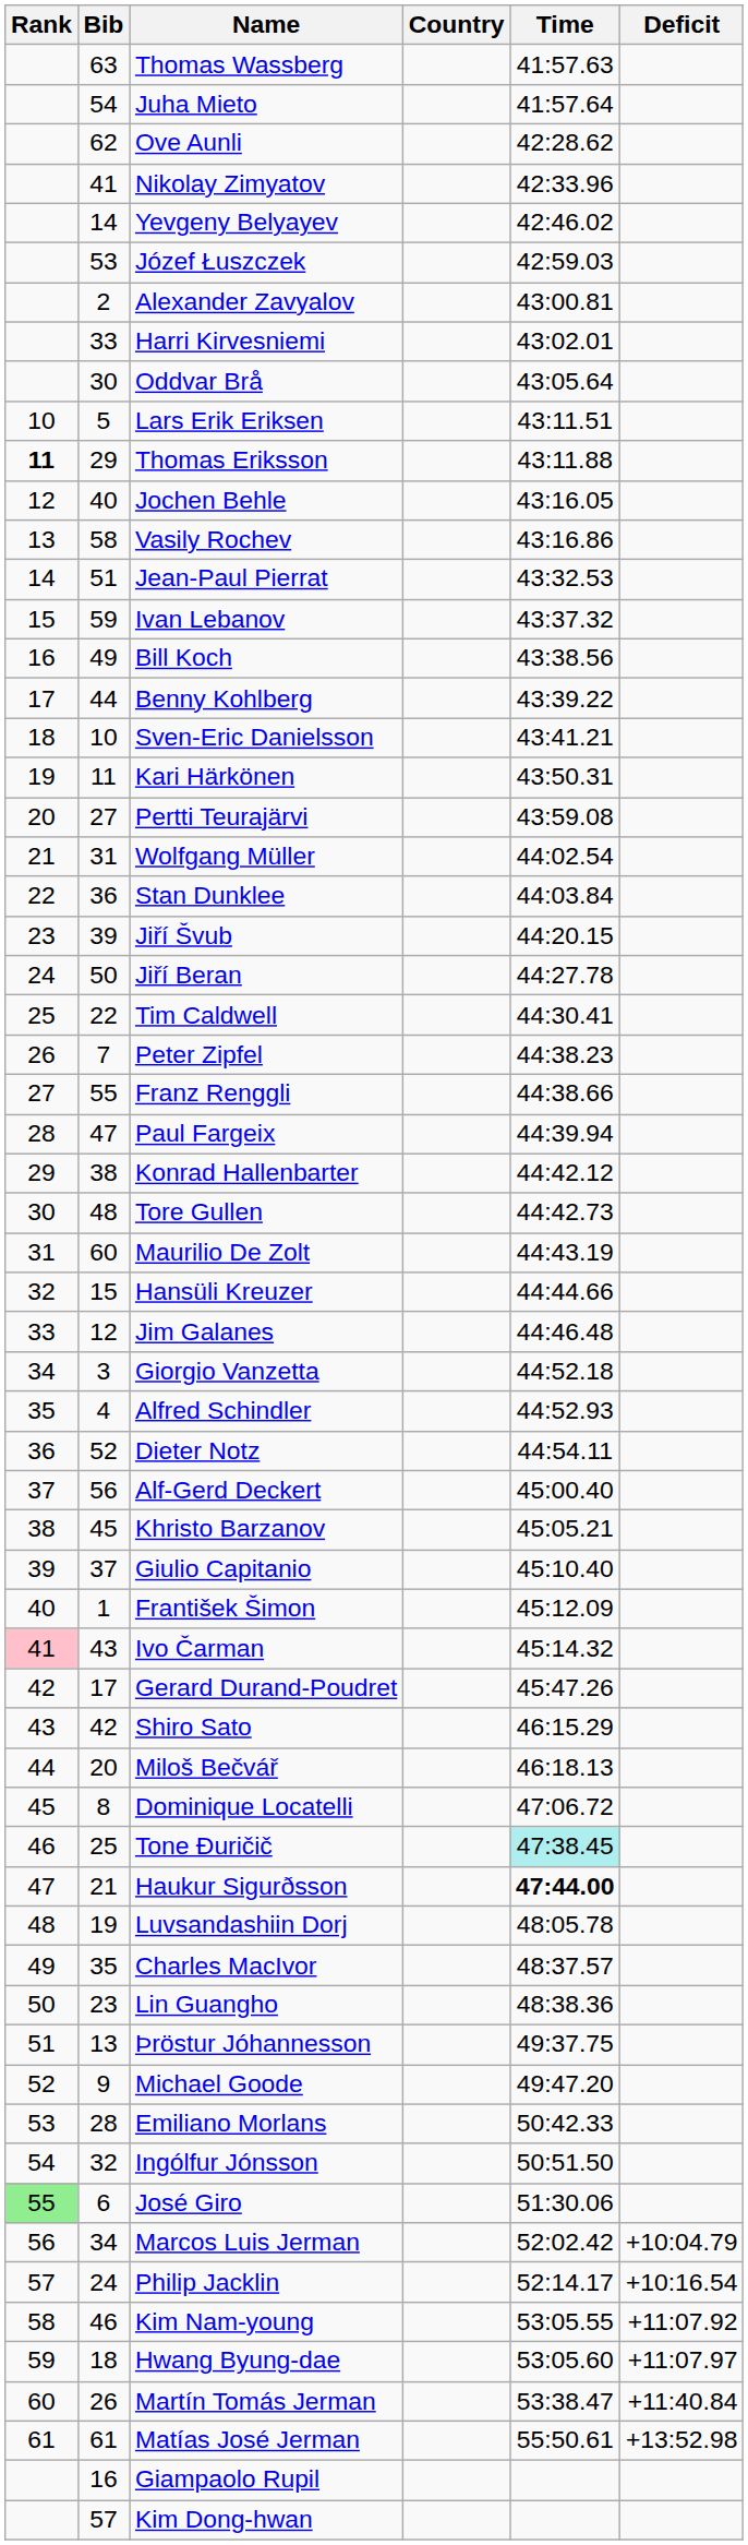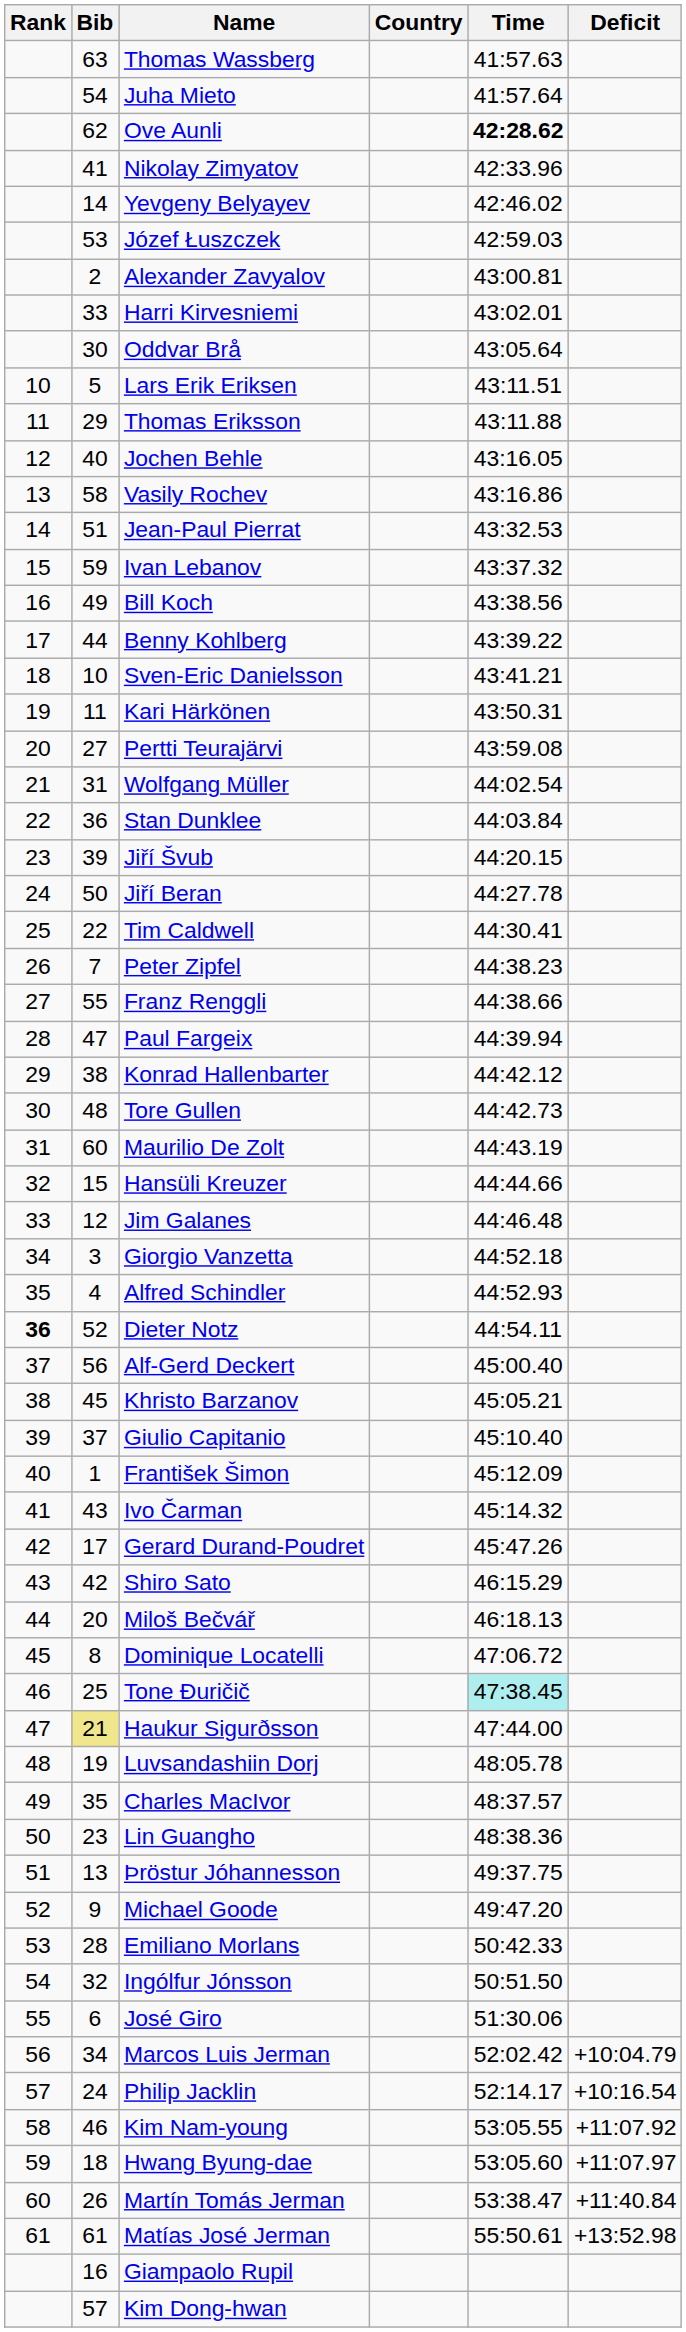 <table class="wikitable sortable" style="text-align:center">
 <tr>
 <th>Rank</th>
 <th>Bib</th>
 <th>Name</th>
 <th>Country</th>
 <th>Time</th>
 <th>Deficit</th>
 </tr>
 <tr>
 <td></td>
 <td>63</td>
 <td align="left"><a href='#'>Thomas Wassberg</a></td>
 <td align="left"></td>
 <td>41:57.63</td>
 <td></td>
 </tr>
 <tr>
 <td></td>
 <td>54</td>
 <td align="left"><a href='#'>Juha Mieto</a></td>
 <td align="left"></td>
 <td>41:57.64</td>
 <td align=right></td>
 </tr>
 <tr>
 <td></td>
 <td>62</td>
 <td align="left"><a href='#'>Ove Aunli</a></td>
 <td align="left"></td>
-<td>42:28.62</td>
+<td><strong>42:28.62</strong></td>
 <td align=right></td>
 </tr>
 <tr>
 <td></td>
 <td>41</td>
 <td align="left"><a href='#'>Nikolay Zimyatov</a></td>
 <td align="left"></td>
 <td>42:33.96</td>
 <td align=right></td>
 </tr>
 <tr>
 <td></td>
 <td>14</td>
 <td align="left"><a href='#'>Yevgeny Belyayev</a></td>
 <td align="left"></td>
 <td>42:46.02</td>
 <td align=right></td>
 </tr>
 <tr>
 <td></td>
 <td>53</td>
 <td align="left"><a href='#'>Józef Łuszczek</a></td>
 <td align="left"></td>
 <td>42:59.03</td>
 <td align=right></td>
 </tr>
 <tr>
 <td></td>
 <td>2</td>
 <td align="left"><a href='#'>Alexander Zavyalov</a></td>
 <td align="left"></td>
 <td>43:00.81</td>
 <td align=right></td>
 </tr>
 <tr>
 <td></td>
 <td>33</td>
 <td align="left"><a href='#'>Harri Kirvesniemi</a></td>
 <td align="left"></td>
 <td>43:02.01</td>
 <td align=right></td>
 </tr>
 <tr>
 <td></td>
 <td>30</td>
 <td align="left"><a href='#'>Oddvar Brå</a></td>
 <td align="left"></td>
 <td>43:05.64</td>
 <td align=right></td>
 </tr>
 <tr>
 <td>10</td>
 <td>5</td>
 <td align="left"><a href='#'>Lars Erik Eriksen</a></td>
 <td align="left"></td>
 <td>43:11.51</td>
 <td align=right></td>
 </tr>
 <tr>
-<td><strong>11</strong></td>
+<td>11</td>
 <td>29</td>
 <td align="left"><a href='#'>Thomas Eriksson</a></td>
 <td align="left"></td>
 <td>43:11.88</td>
 <td align=right></td>
 </tr>
 <tr>
 <td>12</td>
 <td>40</td>
 <td align="left"><a href='#'>Jochen Behle</a></td>
 <td align="left"></td>
 <td>43:16.05</td>
 <td align=right></td>
 </tr>
 <tr>
 <td>13</td>
 <td>58</td>
 <td align="left"><a href='#'>Vasily Rochev</a></td>
 <td align="left"></td>
 <td>43:16.86</td>
 <td align=right></td>
 </tr>
 <tr>
 <td>14</td>
 <td>51</td>
 <td align="left"><a href='#'>Jean-Paul Pierrat</a></td>
 <td align="left"></td>
 <td>43:32.53</td>
 <td align=right></td>
 </tr>
 <tr>
 <td>15</td>
 <td>59</td>
 <td align="left"><a href='#'>Ivan Lebanov</a></td>
 <td align="left"></td>
 <td>43:37.32</td>
 <td align=right></td>
 </tr>
 <tr>
 <td>16</td>
 <td>49</td>
 <td align="left"><a href='#'>Bill Koch</a></td>
 <td align="left"></td>
 <td>43:38.56</td>
 <td align=right></td>
 </tr>
 <tr>
 <td>17</td>
 <td>44</td>
 <td align="left"><a href='#'>Benny Kohlberg</a></td>
 <td align="left"></td>
 <td>43:39.22</td>
 <td align=right></td>
 </tr>
 <tr>
 <td>18</td>
 <td>10</td>
 <td align="left"><a href='#'>Sven-Eric Danielsson</a></td>
 <td align="left"></td>
 <td>43:41.21</td>
 <td align=right></td>
 </tr>
 <tr>
 <td>19</td>
 <td>11</td>
 <td align="left"><a href='#'>Kari Härkönen</a></td>
 <td align="left"></td>
 <td>43:50.31</td>
 <td align=right></td>
 </tr>
 <tr>
 <td>20</td>
 <td>27</td>
 <td align="left"><a href='#'>Pertti Teurajärvi</a></td>
 <td align="left"></td>
 <td>43:59.08</td>
 <td align=right></td>
 </tr>
 <tr>
 <td>21</td>
 <td>31</td>
 <td align="left"><a href='#'>Wolfgang Müller</a></td>
 <td align="left"></td>
 <td>44:02.54</td>
 <td align=right></td>
 </tr>
 <tr>
 <td>22</td>
 <td>36</td>
 <td align="left"><a href='#'>Stan Dunklee</a></td>
 <td align="left"></td>
 <td>44:03.84</td>
 <td align=right></td>
 </tr>
 <tr>
 <td>23</td>
 <td>39</td>
 <td align="left"><a href='#'>Jiří Švub</a></td>
 <td align="left"></td>
 <td>44:20.15</td>
 <td align=right></td>
 </tr>
 <tr>
 <td>24</td>
 <td>50</td>
 <td align="left"><a href='#'>Jiří Beran</a></td>
 <td align="left"></td>
 <td>44:27.78</td>
 <td align=right></td>
 </tr>
 <tr>
 <td>25</td>
 <td>22</td>
 <td align="left"><a href='#'>Tim Caldwell</a></td>
 <td align="left"></td>
 <td>44:30.41</td>
 <td align=right></td>
 </tr>
 <tr>
 <td>26</td>
 <td>7</td>
 <td align="left"><a href='#'>Peter Zipfel</a></td>
 <td align="left"></td>
 <td>44:38.23</td>
 <td align=right></td>
 </tr>
 <tr>
 <td>27</td>
 <td>55</td>
 <td align="left"><a href='#'>Franz Renggli</a></td>
 <td align="left"></td>
 <td>44:38.66</td>
 <td align=right></td>
 </tr>
 <tr>
 <td>28</td>
 <td>47</td>
 <td align="left"><a href='#'>Paul Fargeix</a></td>
 <td align="left"></td>
 <td>44:39.94</td>
 <td align=right></td>
 </tr>
 <tr>
 <td>29</td>
 <td>38</td>
 <td align="left"><a href='#'>Konrad Hallenbarter</a></td>
 <td align="left"></td>
 <td>44:42.12</td>
 <td align=right></td>
 </tr>
 <tr>
 <td>30</td>
 <td>48</td>
 <td align="left"><a href='#'>Tore Gullen</a></td>
 <td align="left"></td>
 <td>44:42.73</td>
 <td align=right></td>
 </tr>
 <tr>
 <td>31</td>
 <td>60</td>
 <td align="left"><a href='#'>Maurilio De Zolt</a></td>
 <td align="left"></td>
 <td>44:43.19</td>
 <td align=right></td>
 </tr>
 <tr>
 <td>32</td>
 <td>15</td>
 <td align="left"><a href='#'>Hansüli Kreuzer</a></td>
 <td align="left"></td>
 <td>44:44.66</td>
 <td align=right></td>
 </tr>
 <tr>
 <td>33</td>
 <td>12</td>
 <td align="left"><a href='#'>Jim Galanes</a></td>
 <td align="left"></td>
 <td>44:46.48</td>
 <td align=right></td>
 </tr>
 <tr>
 <td>34</td>
 <td>3</td>
 <td align="left"><a href='#'>Giorgio Vanzetta</a></td>
 <td align="left"></td>
 <td>44:52.18</td>
 <td align=right></td>
 </tr>
 <tr>
 <td>35</td>
 <td>4</td>
 <td align="left"><a href='#'>Alfred Schindler</a></td>
 <td align="left"></td>
 <td>44:52.93</td>
 <td align=right></td>
 </tr>
 <tr>
-<td>36</td>
+<td><strong>36</strong></td>
 <td>52</td>
 <td align="left"><a href='#'>Dieter Notz</a></td>
 <td align="left"></td>
 <td>44:54.11</td>
 <td align=right></td>
 </tr>
 <tr>
 <td>37</td>
 <td>56</td>
 <td align="left"><a href='#'>Alf-Gerd Deckert</a></td>
 <td align="left"></td>
 <td>45:00.40</td>
 <td align=right></td>
 </tr>
 <tr>
 <td>38</td>
 <td>45</td>
 <td align="left"><a href='#'>Khristo Barzanov</a></td>
 <td align="left"></td>
 <td>45:05.21</td>
 <td align=right></td>
 </tr>
 <tr>
 <td>39</td>
 <td>37</td>
 <td align="left"><a href='#'>Giulio Capitanio</a></td>
 <td align="left"></td>
 <td>45:10.40</td>
 <td align=right></td>
 </tr>
 <tr>
 <td>40</td>
 <td>1</td>
 <td align="left"><a href='#'>František Šimon</a></td>
 <td align="left"></td>
 <td>45:12.09</td>
 <td align=right></td>
 </tr>
 <tr>
-<td style="background: pink;">41</td>
+<td>41</td>
 <td>43</td>
 <td align="left"><a href='#'>Ivo Čarman</a></td>
 <td align="left"></td>
 <td>45:14.32</td>
 <td align=right></td>
 </tr>
 <tr>
 <td>42</td>
 <td>17</td>
 <td align="left"><a href='#'>Gerard Durand-Poudret</a></td>
 <td align="left"></td>
 <td>45:47.26</td>
 <td align=right></td>
 </tr>
 <tr>
 <td>43</td>
 <td>42</td>
 <td align="left"><a href='#'>Shiro Sato</a></td>
 <td align="left"></td>
 <td>46:15.29</td>
 <td align=right></td>
 </tr>
 <tr>
 <td>44</td>
 <td>20</td>
 <td align="left"><a href='#'>Miloš Bečvář</a></td>
 <td align="left"></td>
 <td>46:18.13</td>
 <td align=right></td>
 </tr>
 <tr>
 <td>45</td>
 <td>8</td>
 <td align="left"><a href='#'>Dominique Locatelli</a></td>
 <td align="left"></td>
 <td>47:06.72</td>
 <td align=right></td>
 </tr>
 <tr>
 <td>46</td>
 <td>25</td>
 <td align="left"><a href='#'>Tone Ðuričič</a></td>
 <td align="left"></td>
 <td style="background: paleturquoise;">47:38.45</td>
 <td align=right></td>
 </tr>
 <tr>
 <td>47</td>
-<td>21</td>
+<td style="background: khaki;">21</td>
 <td align="left"><a href='#'>Haukur Sigurðsson</a></td>
 <td align="left"></td>
-<td><strong>47:44.00</strong></td>
+<td>47:44.00</td>
 <td align=right></td>
 </tr>
 <tr>
 <td>48</td>
 <td>19</td>
 <td align="left"><a href='#'>Luvsandashiin Dorj</a></td>
 <td align="left"></td>
 <td>48:05.78</td>
 <td align=right></td>
 </tr>
 <tr>
 <td>49</td>
 <td>35</td>
 <td align="left"><a href='#'>Charles MacIvor</a></td>
 <td align="left"></td>
 <td>48:37.57</td>
 <td align=right></td>
 </tr>
 <tr>
 <td>50</td>
 <td>23</td>
 <td align="left"><a href='#'>Lin Guangho</a></td>
 <td align="left"></td>
 <td>48:38.36</td>
 <td align=right></td>
 </tr>
 <tr>
 <td>51</td>
 <td>13</td>
 <td align="left"><a href='#'>Þröstur Jóhannesson</a></td>
 <td align="left"></td>
 <td>49:37.75</td>
 <td align=right></td>
 </tr>
 <tr>
 <td>52</td>
 <td>9</td>
 <td align="left"><a href='#'>Michael Goode</a></td>
 <td align="left"></td>
 <td>49:47.20</td>
 <td align=right></td>
 </tr>
 <tr>
 <td>53</td>
 <td>28</td>
 <td align="left"><a href='#'>Emiliano Morlans</a></td>
 <td align="left"></td>
 <td>50:42.33</td>
 <td align=right></td>
 </tr>
 <tr>
 <td>54</td>
 <td>32</td>
 <td align="left"><a href='#'>Ingólfur Jónsson</a></td>
 <td align="left"></td>
 <td>50:51.50</td>
 <td align=right></td>
 </tr>
 <tr>
-<td style="background: lightgreen;">55</td>
+<td>55</td>
 <td>6</td>
 <td align="left"><a href='#'>José Giro</a></td>
 <td align="left"></td>
 <td>51:30.06</td>
 <td align=right></td>
 </tr>
 <tr>
 <td>56</td>
 <td>34</td>
 <td align="left"><a href='#'>Marcos Luis Jerman</a></td>
 <td align="left"></td>
 <td>52:02.42</td>
 <td align=right>+10:04.79</td>
 </tr>
 <tr>
 <td>57</td>
 <td>24</td>
 <td align="left"><a href='#'>Philip Jacklin</a></td>
 <td align="left"></td>
 <td>52:14.17</td>
 <td align=right>+10:16.54</td>
 </tr>
 <tr>
 <td>58</td>
 <td>46</td>
 <td align="left"><a href='#'>Kim Nam-young</a></td>
 <td align="left"></td>
 <td>53:05.55</td>
 <td align=right>+11:07.92</td>
 </tr>
 <tr>
 <td>59</td>
 <td>18</td>
 <td align="left"><a href='#'>Hwang Byung-dae</a></td>
 <td align="left"></td>
 <td>53:05.60</td>
 <td align=right>+11:07.97</td>
 </tr>
 <tr>
 <td>60</td>
 <td>26</td>
 <td align="left"><a href='#'>Martín Tomás Jerman</a></td>
 <td align="left"></td>
 <td>53:38.47</td>
 <td align=right>+11:40.84</td>
 </tr>
 <tr>
 <td>61</td>
 <td>61</td>
 <td align="left"><a href='#'>Matías José Jerman</a></td>
 <td align="left"></td>
 <td>55:50.61</td>
 <td align=right>+13:52.98</td>
 </tr>
 <tr>
 <td></td>
 <td>16</td>
 <td align="left"><a href='#'>Giampaolo Rupil</a></td>
 <td align="left"></td>
 <td></td>
 <td></td>
 </tr>
 <tr>
 <td></td>
 <td>57</td>
 <td align="left"><a href='#'>Kim Dong-hwan</a></td>
 <td align="left"></td>
 <td></td>
 <td></td>
 </tr>
 </table>
